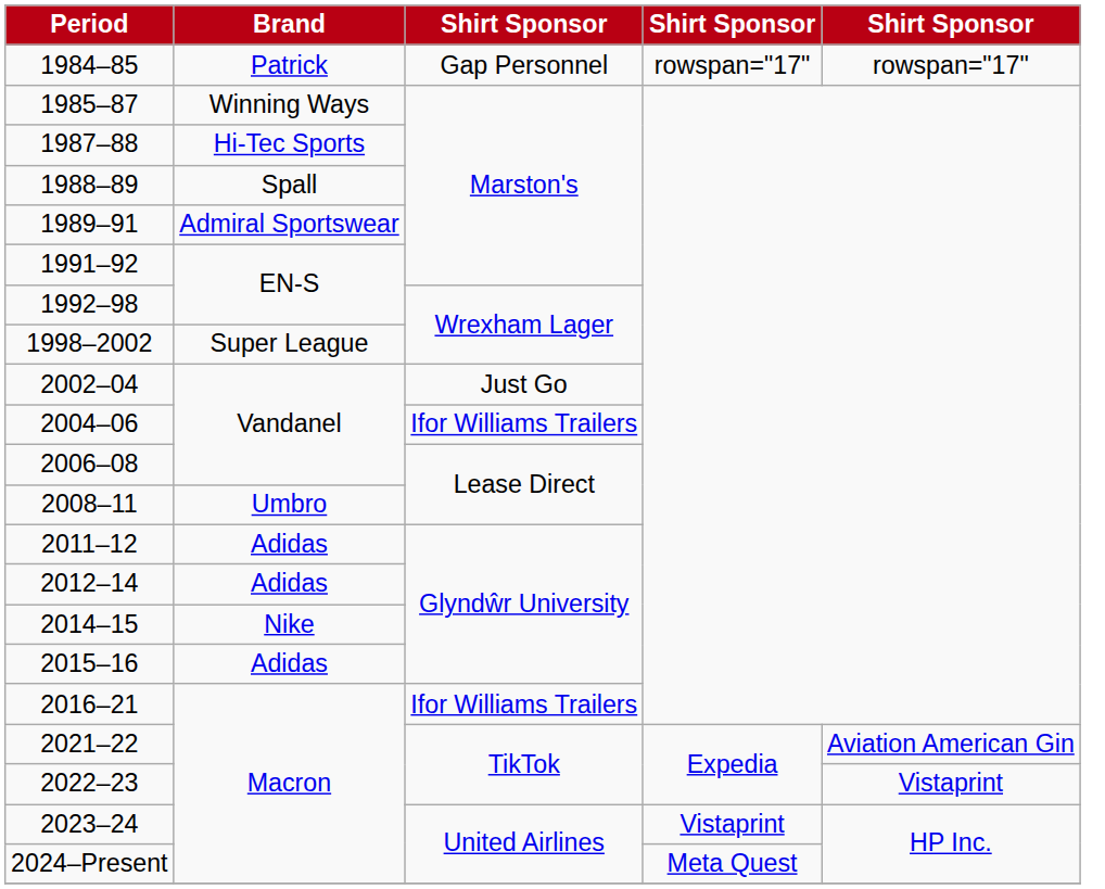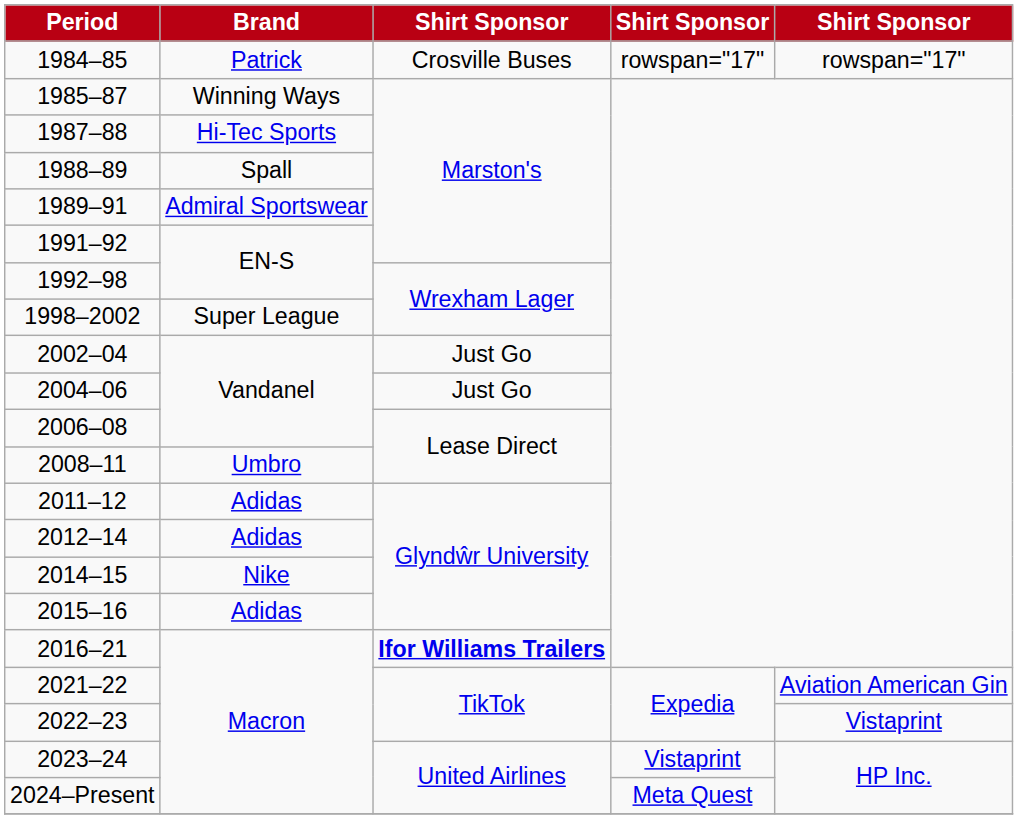 <table class="wikitable" style="text-align: center;">
 <tr>
 <th style="background-color:#b90013; color:white; border:3px ##;" scope="col">Period</th>
 <th style="background-color:#b90013; color:white; border:3px ##;" scope="col">Brand</th>
 <th style="background-color:#b90013; color:white; border:3px ##;" scope="col">Shirt Sponsor </th>
 <th style="background-color:#b90013; color:white; border:3px ##;" scope="col">Shirt Sponsor </th>
 <th style="background-color:#b90013; color:white; border:3px ##;" scope="col">Shirt Sponsor </th>
 </tr>
 <tr>
 <td>1984–85</td>
 <td><a href='#'>Patrick</a></td>
-<td>Gap Personnel</td>
+<td>Crosville Buses</td>
 <td>rowspan="17" </td>
 <td>rowspan="17" </td>
 </tr>
 <tr>
 <td>1985–87</td>
 <td>Winning Ways</td>
 <td rowspan="5"><a href='#'>Marston's</a></td>
 </tr>
 <tr>
 <td>1987–88</td>
 <td><a href='#'>Hi-Tec Sports</a></td>
 </tr>
 <tr>
 <td>1988–89</td>
 <td>Spall</td>
 </tr>
 <tr>
 <td>1989–91</td>
 <td><a href='#'>Admiral Sportswear</a></td>
 </tr>
 <tr>
 <td>1991–92</td>
 <td rowspan="2">EN-S</td>
 </tr>
 <tr>
 <td>1992–98</td>
 <td rowspan="2"><a href='#'>Wrexham Lager</a></td>
 </tr>
 <tr>
 <td>1998–2002</td>
 <td>Super League</td>
 </tr>
 <tr>
 <td>2002–04</td>
 <td rowspan="3">Vandanel</td>
 <td>Just Go</td>
 </tr>
 <tr>
 <td>2004–06</td>
-<td><a href='#'>Ifor Williams Trailers</a></td>
+<td>Just Go</td>
 </tr>
 <tr>
 <td>2006–08</td>
 <td rowspan="2">Lease Direct</td>
 </tr>
 <tr>
 <td>2008–11</td>
 <td><a href='#'>Umbro</a></td>
 </tr>
 <tr>
 <td>2011–12</td>
 <td><a href='#'>Adidas</a></td>
 <td rowspan="4"><a href='#'>Glyndŵr University</a></td>
 </tr>
 <tr>
 <td>2012–14</td>
 <td><a href='#'>Adidas</a></td>
 </tr>
 <tr>
 <td>2014–15</td>
 <td><a href='#'>Nike</a></td>
 </tr>
 <tr>
 <td>2015–16</td>
 <td><a href='#'>Adidas</a></td>
 </tr>
 <tr>
 <td>2016–21</td>
 <td rowspan="5"><a href='#'>Macron</a></td>
-<td><a href='#'>Ifor Williams Trailers</a></td>
+<td><strong><a href='#'>Ifor Williams Trailers</a></strong></td>
 </tr>
 <tr>
 <td>2021–22</td>
 <td rowspan="2"><a href='#'>TikTok</a></td>
 <td rowspan="2"><a href='#'>Expedia</a></td>
 <td><a href='#'>Aviation American Gin</a></td>
 </tr>
 <tr>
 <td>2022–23</td>
 <td><a href='#'>Vistaprint</a></td>
 </tr>
 <tr>
 <td>2023–24</td>
 <td rowspan="2"><a href='#'>United Airlines</a></td>
 <td><a href='#'>Vistaprint</a></td>
 <td rowspan="2"><a href='#'>HP Inc.</a></td>
 </tr>
 <tr>
 <td>2024–Present</td>
 <td><a href='#'>Meta Quest</a></td>
 </tr>
 <tr>
 </tr>
 </table>
